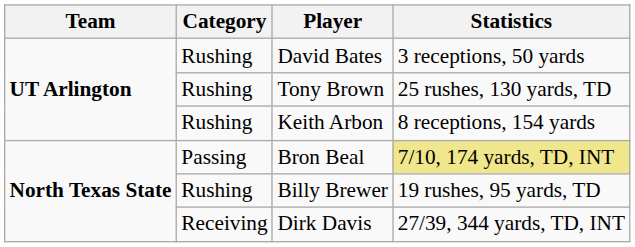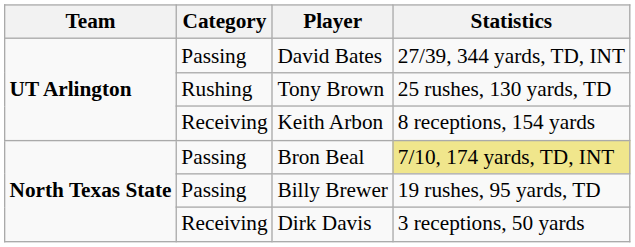 <table class="wikitable" style="float: left;">
 <tr>
 <th>Team</th>
 <th>Category</th>
 <th>Player</th>
 <th>Statistics</th>
 </tr>
 <tr>
 <td rowspan=3><strong>UT Arlington</strong></td>
-<td>Rushing</td>
+<td>Passing</td>
 <td>David Bates</td>
-<td>3 receptions, 50 yards</td>
+<td>27/39, 344 yards, TD, INT</td>
 </tr>
 <tr>
 <td>Rushing</td>
 <td>Tony Brown</td>
 <td>25 rushes, 130 yards, TD</td>
 </tr>
 <tr>
-<td>Rushing</td>
+<td>Receiving</td>
 <td>Keith Arbon</td>
 <td>8 receptions, 154 yards</td>
 </tr>
 <tr>
 <td rowspan=3><strong>North Texas State</strong></td>
 <td>Passing</td>
 <td>Bron Beal</td>
 <td style="background: khaki;">7/10, 174 yards, TD, INT</td>
 </tr>
 <tr>
-<td>Rushing</td>
+<td>Passing</td>
 <td>Billy Brewer</td>
 <td>19 rushes, 95 yards, TD</td>
 </tr>
 <tr>
 <td>Receiving</td>
 <td>Dirk Davis</td>
-<td>27/39, 344 yards, TD, INT</td>
+<td>3 receptions, 50 yards</td>
 </tr>
 </table>
